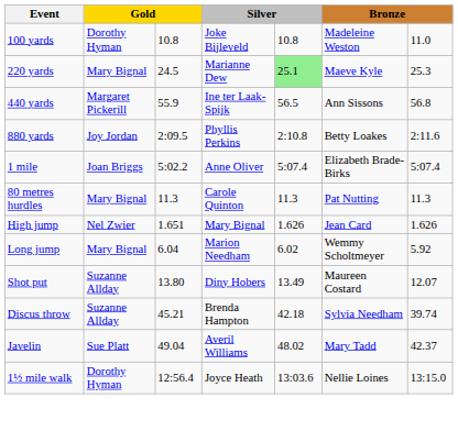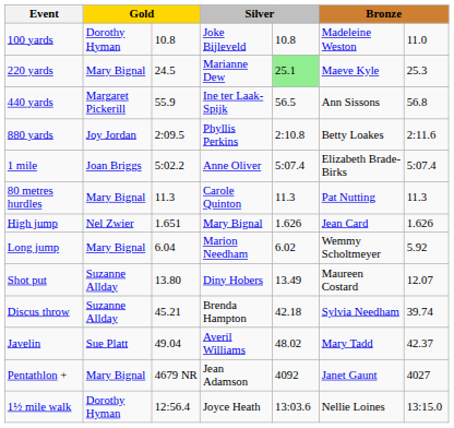 <table class="wikitable" style="text-align:left">
 <tr>
 <th width=100>Event</th>
 <th colspan="2" width="280" style="background:gold;">Gold</th>
 <th colspan="2" width="280" style="background:silver;">Silver</th>
 <th colspan="2" width="280" style="background:#CD7F32;">Bronze</th>
 </tr>
 <tr>
 <td><a href='#'>100 yards</a></td>
 <td><a href='#'>Dorothy Hyman</a></td>
 <td>10.8</td>
 <td> <a href='#'>Joke Bijleveld</a></td>
 <td>10.8</td>
 <td><a href='#'>Madeleine Weston</a></td>
 <td>11.0</td>
 </tr>
 <tr>
 <td><a href='#'>220 yards</a></td>
 <td><a href='#'>Mary Bignal</a></td>
 <td>24.5</td>
 <td><a href='#'>Marianne Dew</a></td>
 <td style="background: lightgreen;">25.1</td>
 <td> <a href='#'>Maeve Kyle</a></td>
 <td>25.3</td>
 </tr>
 <tr>
 <td><a href='#'>440 yards</a></td>
 <td><a href='#'>Margaret Pickerill</a></td>
 <td>55.9</td>
 <td> <a href='#'>Ine ter Laak-Spijk</a></td>
 <td>56.5</td>
 <td>Ann Sissons</td>
 <td>56.8</td>
 </tr>
 <tr>
 <td><a href='#'>880 yards</a></td>
 <td><a href='#'>Joy Jordan</a></td>
 <td>2:09.5</td>
 <td><a href='#'>Phyllis Perkins</a></td>
 <td>2:10.8</td>
 <td>Betty Loakes</td>
 <td>2:11.6</td>
 </tr>
 <tr>
 <td><a href='#'>1 mile</a></td>
 <td><a href='#'>Joan Briggs</a></td>
 <td>5:02.2</td>
 <td><a href='#'>Anne Oliver</a></td>
 <td>5:07.4</td>
 <td>Elizabeth Brade-Birks</td>
 <td>5:07.4</td>
 </tr>
 <tr>
 <td><a href='#'>80 metres hurdles</a></td>
 <td><a href='#'>Mary Bignal</a></td>
 <td>11.3</td>
 <td><a href='#'>Carole Quinton</a></td>
 <td>11.3</td>
 <td><a href='#'>Pat Nutting</a></td>
 <td>11.3</td>
 </tr>
 <tr>
 <td><a href='#'>High jump</a></td>
 <td> <a href='#'>Nel Zwier</a></td>
 <td>1.651</td>
 <td><a href='#'>Mary Bignal</a></td>
 <td>1.626</td>
 <td><a href='#'>Jean Card</a></td>
 <td>1.626</td>
 </tr>
 <tr>
 <td><a href='#'>Long jump</a></td>
 <td><a href='#'>Mary Bignal</a></td>
 <td>6.04</td>
 <td><a href='#'>Marion Needham</a></td>
 <td>6.02</td>
 <td>  Wemmy Scholtmeyer</td>
 <td>5.92</td>
 </tr>
 <tr>
 <td><a href='#'>Shot put</a></td>
 <td><a href='#'>Suzanne Allday</a></td>
 <td>13.80</td>
 <td> <a href='#'>Diny Hobers</a></td>
 <td>13.49</td>
 <td>Maureen Costard</td>
 <td>12.07</td>
 </tr>
 <tr>
 <td><a href='#'>Discus throw</a></td>
 <td><a href='#'>Suzanne Allday</a></td>
 <td>45.21</td>
 <td>Brenda Hampton</td>
 <td>42.18</td>
 <td><a href='#'>Sylvia Needham</a></td>
 <td>39.74</td>
 </tr>
 <tr>
 <td><a href='#'>Javelin</a></td>
 <td><a href='#'>Sue Platt</a></td>
 <td>49.04</td>
 <td><a href='#'>Averil Williams</a></td>
 <td>48.02</td>
 <td><a href='#'>Mary Tadd</a></td>
 <td>42.37</td>
 </tr>
 <tr>
+<td><a href='#'>Pentathlon</a> +</td>
+<td><a href='#'>Mary Bignal</a></td>
+<td>4679 NR</td>
+<td>Jean Adamson</td>
+<td>4092</td>
+<td><a href='#'>Janet Gaunt</a></td>
+<td>4027</td>
+</tr>
+<tr>
 <td><a href='#'>1½ mile walk</a></td>
 <td><a href='#'>Dorothy Hyman</a></td>
 <td>12:56.4</td>
 <td>Joyce Heath</td>
 <td>13:03.6</td>
 <td>Nellie Loines</td>
 <td>13:15.0</td>
 </tr>
 </table>
